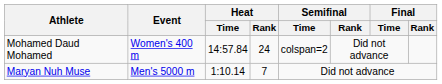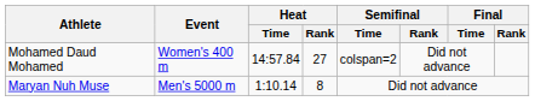 <table class=wikitable style="font-size:90%">
 <tr>
 <th rowspan="2">Athlete</th>
 <th rowspan="2">Event</th>
 <th colspan="2">Heat</th>
 <th colspan="2">Semifinal</th>
 <th colspan="2">Final</th>
 </tr>
 <tr style="font-size:95%">
 <th>Time</th>
 <th>Rank</th>
 <th>Time</th>
 <th>Rank</th>
 <th>Time</th>
 <th>Rank</th>
 </tr>
 <tr align=center>
 <td align=left>Mohamed Daud Mohamed</td>
 <td align=left><a href='#'>Women's 400 m</a></td>
 <td>14:57.84</td>
-<td>24</td>
+<td>27</td>
 <td>colspan=2 </td>
 <td colspan=2>Did not advance</td>
 </tr>
 <tr align=center>
 <td align=left><a href='#'>Maryan Nuh Muse</a></td>
 <td align=left><a href='#'>Men's 5000 m</a></td>
 <td>1:10.14</td>
-<td>7</td>
+<td>8</td>
 <td colspan=4>Did not advance</td>
 </tr>
 </table>
